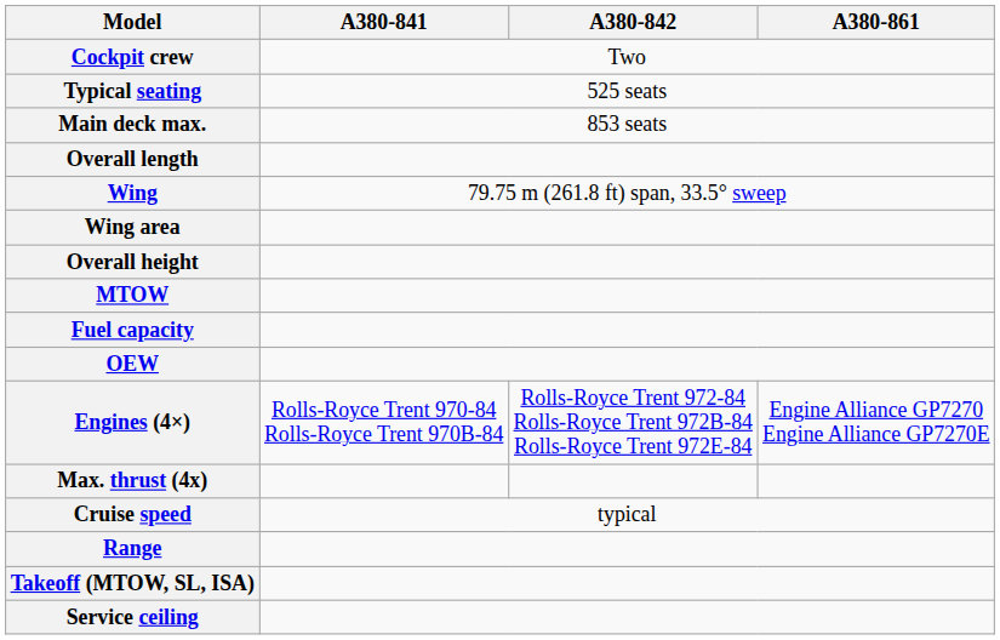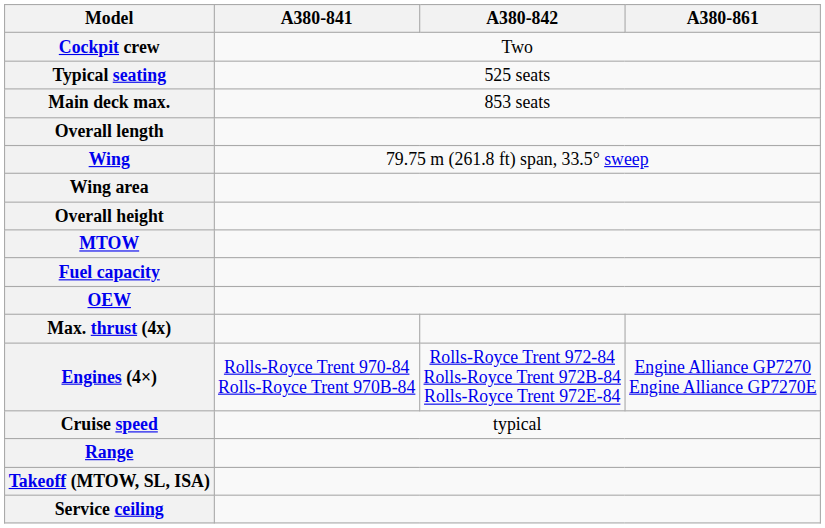 <table class="wikitable sticky-header" style="text-align:center">
 <tr>
 <th>Model</th>
 <th>A380-841</th>
 <th>A380-842</th>
 <th>A380-861</th>
 </tr>
 <tr>
 <th><a href='#'>Cockpit</a> crew</th>
 <td colspan="3">Two</td>
 </tr>
 <tr>
 <th>Typical <a href='#'>seating</a></th>
 <td colspan="3">525 seats</td>
 </tr>
 <tr>
 <th>Main deck max.</th>
 <td colspan="3">853 seats</td>
 </tr>
 <tr>
 <th>Overall length</th>
 <td colspan="3"></td>
 </tr>
 <tr>
 <th><a href='#'>Wing</a></th>
 <td colspan="3">79.75 m (261.8 ft) span, 33.5° <a href='#'>sweep</a></td>
 </tr>
 <tr>
 <th>Wing area</th>
 <td colspan="3"></td>
 </tr>
 <tr>
 <th>Overall height</th>
 <td colspan="3"></td>
 </tr>
 <tr>
 <th><a href='#'>MTOW</a></th>
 <td colspan="3"></td>
 </tr>
 <tr>
 <th><a href='#'>Fuel capacity</a></th>
 <td colspan="3"></td>
 </tr>
 <tr>
 <th><a href='#'>OEW</a></th>
 <td colspan="3"></td>
 </tr>
 <tr>
+<th>Max. <a href='#'>thrust</a> (4x)</th>
+<td></td>
+<td></td>
+<td></td>
+</tr>
+<tr>
 <th><a href='#'>Engines</a> (4×)</th>
 <td><a href='#'>Rolls-Royce Trent 970-84</a><br><a href='#'>Rolls-Royce Trent 970B-84</a></td>
 <td><a href='#'>Rolls-Royce Trent 972-84</a><br><a href='#'>Rolls-Royce Trent 972B-84</a><br><a href='#'>Rolls-Royce Trent 972E-84</a></td>
 <td><a href='#'>Engine Alliance GP7270</a><br><a href='#'>Engine Alliance GP7270E</a></td>
-</tr>
-<tr>
-<th>Max. <a href='#'>thrust</a> (4x)</th>
-<td></td>
-<td></td>
-<td></td>
 </tr>
 <tr>
 <th>Cruise <a href='#'>speed</a></th>
 <td colspan="3"> typical<br> </td>
 </tr>
 <tr>
 <th><a href='#'>Range</a></th>
 <td colspan="3"></td>
 </tr>
 <tr>
 <th><a href='#'>Takeoff</a> (MTOW, SL, ISA)</th>
 <td colspan="3"></td>
 </tr>
 <tr>
 <th>Service <a href='#'>ceiling</a></th>
 <td colspan="3"></td>
 </tr>
 </table>
